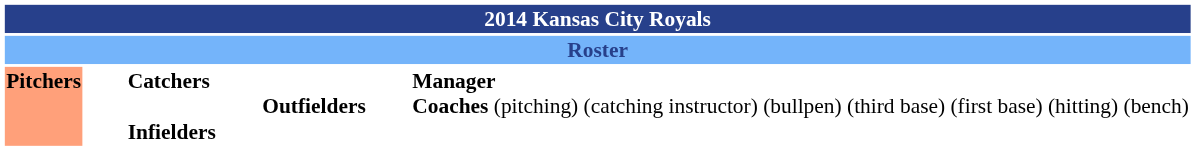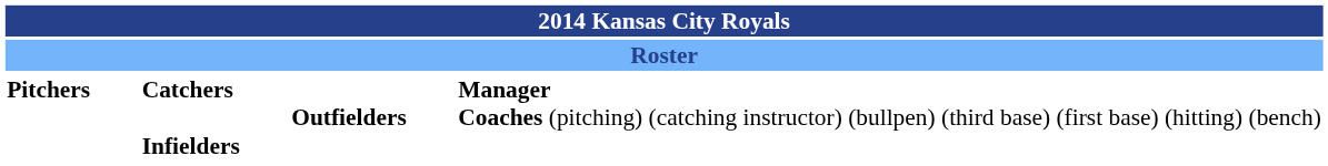 <table class="toccolours" style="font-size: 95%;">
 <tr>
 <th colspan="10" style="background-color: #27408B; color: #FFFFFF; text-align: center;">2014 Kansas City Royals</th>
 </tr>
 <tr>
 <td colspan="10" style="background-color: #74B4FA; color: #27408B; text-align: center;"><strong>Roster</strong></td>
 </tr>
 <tr>
-<td valign="top" style="background: lightsalmon;"><strong>Pitchers</strong><br>                      </td>
+<td valign="top"><strong>Pitchers</strong><br>                      </td>
 <td width="25px"></td>
 <td valign="top"><strong>Catchers</strong><br>   <br><strong>Infielders</strong>           </td>
 <td width="25px"></td>
 <td valign="top"><br><strong>Outfielders</strong>          </td>
 <td width="25px"></td>
 <td valign="top"><strong>Manager</strong><br> <strong>Coaches</strong>  (pitching)  (catching instructor)  (bullpen)  (third base)  (first base)  (hitting)  (bench)</td>
 </tr>
 </table>
